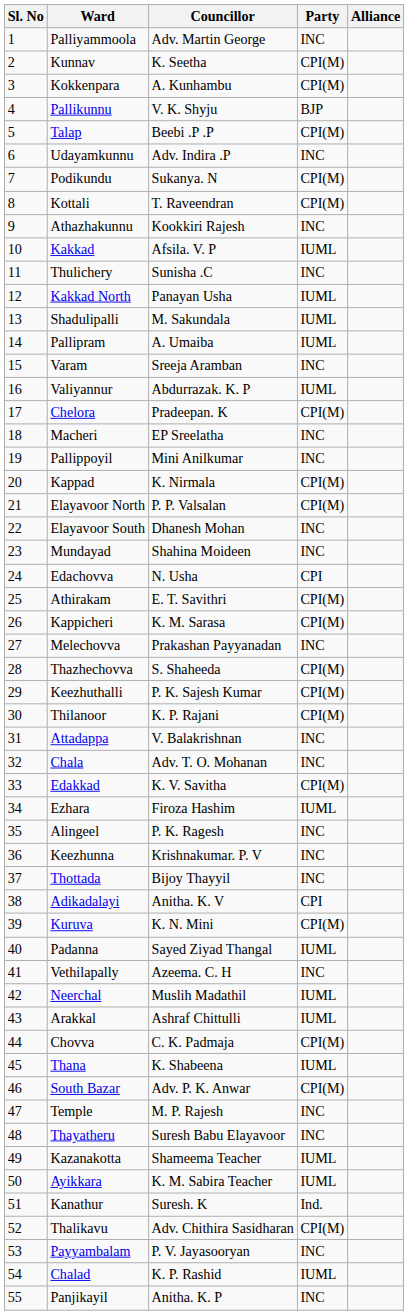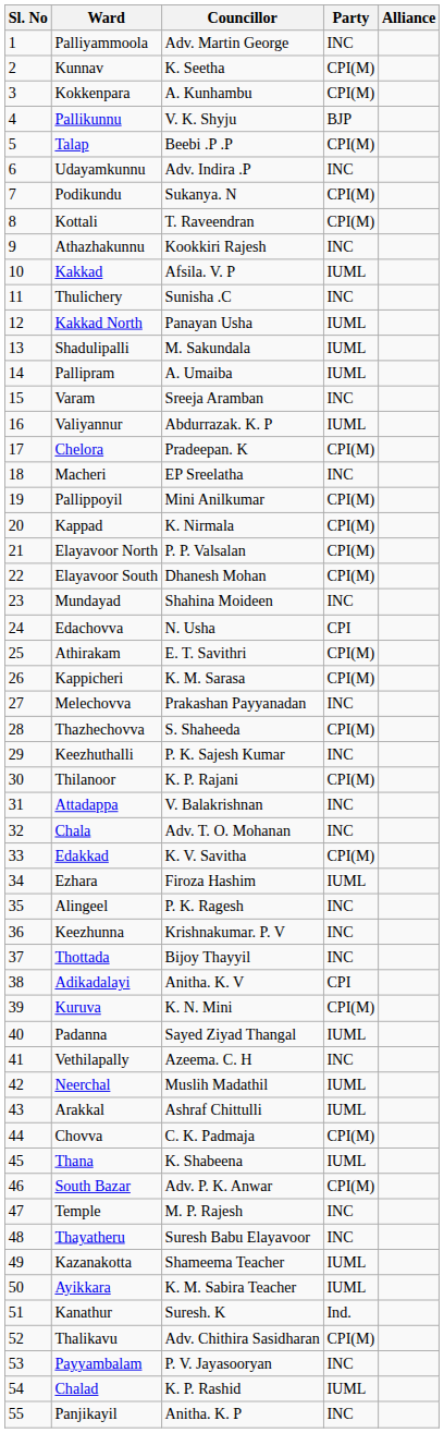 <table class="wikitable sortable" style="font-size: 95%;">
 <tr>
 <th scope="col">Sl. No</th>
 <th scope="col">Ward</th>
 <th scope="col">Councillor</th>
 <th scope="col">Party</th>
 <th scope="col">Alliance</th>
 </tr>
 <tr po>
 <td>1</td>
 <td>Palliyammoola</td>
 <td>Adv. Martin George</td>
 <td style="background-color:">INC</td>
 <td></td>
 </tr>
 <tr>
 <td>2</td>
 <td>Kunnav</td>
 <td>K. Seetha</td>
 <td style="background:">CPI(M)</td>
 <td></td>
 </tr>
 <tr>
 <td>3</td>
 <td>Kokkenpara</td>
 <td>A. Kunhambu</td>
 <td style="background:">CPI(M)</td>
 <td></td>
 </tr>
 <tr>
 <td>4</td>
 <td><a href='#'>Pallikunnu</a></td>
 <td>V. K. Shyju</td>
 <td style="background:">BJP</td>
 <td></td>
 </tr>
 <tr>
 <td>5</td>
 <td><a href='#'>Talap</a></td>
 <td>Beebi .P .P</td>
 <td style="background:">CPI(M)</td>
 <td></td>
 </tr>
 <tr>
 <td>6</td>
 <td>Udayamkunnu</td>
 <td>Adv. Indira .P</td>
 <td style="background-color:">INC</td>
 <td></td>
 </tr>
 <tr>
 <td>7</td>
 <td>Podikundu</td>
 <td>Sukanya. N</td>
 <td style="background:">CPI(M)</td>
 <td></td>
 </tr>
 <tr>
 <td>8</td>
 <td>Kottali</td>
 <td>T. Raveendran</td>
 <td style="background:">CPI(M)</td>
 <td></td>
 </tr>
 <tr>
 <td>9</td>
 <td>Athazhakunnu</td>
 <td>Kookkiri Rajesh</td>
 <td style="background-color:">INC</td>
 <td></td>
 </tr>
 <tr>
 <td>10</td>
 <td><a href='#'>Kakkad</a></td>
 <td>Afsila. V. P</td>
 <td style="background-color:">IUML</td>
 <td></td>
 </tr>
 <tr>
 <td>11</td>
 <td>Thulichery</td>
 <td>Sunisha .C</td>
 <td style="background-color:">INC</td>
 <td></td>
 </tr>
 <tr>
 <td>12</td>
 <td><a href='#'>Kakkad North</a></td>
 <td>Panayan Usha</td>
 <td style="background-color:">IUML</td>
 <td></td>
 </tr>
 <tr>
 <td>13</td>
 <td>Shadulipalli</td>
 <td>M. Sakundala</td>
 <td style="background-color:">IUML</td>
 <td></td>
 </tr>
 <tr>
 <td>14</td>
 <td>Pallipram</td>
 <td>A. Umaiba</td>
 <td style="background-color:">IUML</td>
 <td></td>
 </tr>
 <tr>
 <td>15</td>
 <td>Varam</td>
 <td>Sreeja Aramban</td>
 <td style="background-color:">INC</td>
 <td></td>
 </tr>
 <tr>
 <td>16</td>
 <td>Valiyannur</td>
 <td>Abdurrazak. K. P</td>
 <td style="background-color:">IUML</td>
 <td></td>
 </tr>
 <tr>
 <td>17</td>
 <td><a href='#'>Chelora</a></td>
 <td>Pradeepan. K</td>
 <td style="background:">CPI(M)</td>
 <td></td>
 </tr>
 <tr>
 <td>18</td>
 <td>Macheri</td>
 <td>EP Sreelatha</td>
 <td style="background-color:">INC</td>
 <td></td>
 </tr>
 <tr>
 <td>19</td>
 <td>Pallippoyil</td>
 <td>Mini Anilkumar</td>
-<td style="background-color:">INC</td>
+<td style="background:">CPI(M)</td>
 <td></td>
 </tr>
 <tr>
 <td>20</td>
 <td>Kappad</td>
 <td>K. Nirmala</td>
 <td style="background:">CPI(M)</td>
 <td></td>
 </tr>
 <tr>
 <td>21</td>
 <td>Elayavoor North</td>
 <td>P. P. Valsalan</td>
 <td style="background:">CPI(M)</td>
 <td></td>
 </tr>
 <tr>
 <td>22</td>
 <td>Elayavoor South</td>
 <td>Dhanesh Mohan</td>
-<td style="background-color:">INC</td>
+<td style="background:">CPI(M)</td>
 <td></td>
 </tr>
 <tr>
 <td>23</td>
 <td>Mundayad</td>
 <td>Shahina Moideen</td>
 <td style="background-color:">INC</td>
 <td></td>
 </tr>
 <tr>
 <td>24</td>
 <td>Edachovva</td>
 <td>N. Usha</td>
 <td style="background:">CPI</td>
 <td></td>
 </tr>
 <tr>
 <td>25</td>
 <td>Athirakam</td>
 <td>E. T. Savithri</td>
 <td style="background:">CPI(M)</td>
 <td></td>
 </tr>
 <tr>
 <td>26</td>
 <td>Kappicheri</td>
 <td>K. M. Sarasa</td>
 <td style="background:">CPI(M)</td>
 <td></td>
 </tr>
 <tr>
 <td>27</td>
 <td>Melechovva</td>
 <td>Prakashan Payyanadan</td>
 <td style="background-color:">INC</td>
 <td></td>
 </tr>
 <tr>
 <td>28</td>
 <td>Thazhechovva</td>
 <td>S. Shaheeda</td>
 <td style="background:">CPI(M)</td>
 <td></td>
 </tr>
 <tr>
 <td>29</td>
 <td>Keezhuthalli</td>
 <td>P. K. Sajesh Kumar</td>
-<td style="background:">CPI(M)</td>
+<td style="background-color:">INC</td>
 <td></td>
 </tr>
 <tr>
 <td>30</td>
 <td>Thilanoor</td>
 <td>K. P. Rajani</td>
 <td style="background:">CPI(M)</td>
 <td></td>
 </tr>
 <tr>
 <td>31</td>
 <td><a href='#'>Attadappa</a></td>
 <td>V. Balakrishnan</td>
 <td style="background-color:">INC</td>
 <td></td>
 </tr>
 <tr>
 <td>32</td>
 <td><a href='#'>Chala</a></td>
 <td>Adv. T. O. Mohanan</td>
 <td style="background-color:">INC</td>
 <td></td>
 </tr>
 <tr>
 <td>33</td>
 <td><a href='#'>Edakkad</a></td>
 <td>K. V. Savitha</td>
 <td style="background:">CPI(M)</td>
 <td></td>
 </tr>
 <tr>
 <td>34</td>
 <td>Ezhara</td>
 <td>Firoza Hashim</td>
 <td style="background-color:">IUML</td>
 <td></td>
 </tr>
 <tr>
 <td>35</td>
 <td>Alingeel</td>
 <td>P. K. Ragesh</td>
 <td style="background-color:">INC</td>
 <td></td>
 </tr>
 <tr>
 <td>36</td>
 <td>Keezhunna</td>
 <td>Krishnakumar. P. V</td>
 <td style="background-color:">INC</td>
 <td></td>
 </tr>
 <tr>
 <td>37</td>
 <td><a href='#'>Thottada</a></td>
 <td>Bijoy Thayyil</td>
 <td style="background-color:">INC</td>
 <td></td>
 </tr>
 <tr>
 <td>38</td>
 <td><a href='#'>Adikadalayi</a></td>
 <td>Anitha. K. V</td>
 <td style="background:">CPI</td>
 <td></td>
 </tr>
 <tr>
 <td>39</td>
 <td><a href='#'>Kuruva</a></td>
 <td>K. N. Mini</td>
 <td style="background:">CPI(M)</td>
 <td></td>
 </tr>
 <tr>
 <td>40</td>
 <td>Padanna</td>
 <td>Sayed Ziyad Thangal</td>
 <td style="background-color:">IUML</td>
 <td></td>
 </tr>
 <tr>
 <td>41</td>
 <td>Vethilapally</td>
 <td>Azeema. C. H</td>
 <td style="background-color:">INC</td>
 <td></td>
 </tr>
 <tr>
 <td>42</td>
 <td><a href='#'>Neerchal</a></td>
 <td>Muslih Madathil</td>
 <td style="background-color:">IUML</td>
 <td></td>
 </tr>
 <tr>
 <td>43</td>
 <td>Arakkal</td>
 <td>Ashraf Chittulli</td>
 <td style="background-color:">IUML</td>
 <td></td>
 </tr>
 <tr>
 <td>44</td>
 <td>Chovva</td>
 <td>C. K. Padmaja</td>
 <td style="background:">CPI(M)</td>
 <td></td>
 </tr>
 <tr>
 <td>45</td>
 <td><a href='#'>Thana</a></td>
 <td>K. Shabeena</td>
 <td style="background-color:">IUML</td>
 <td></td>
 </tr>
 <tr>
 <td>46</td>
 <td><a href='#'>South Bazar</a></td>
 <td>Adv. P. K. Anwar</td>
 <td style="background:">CPI(M)</td>
 <td></td>
 </tr>
 <tr>
 <td>47</td>
 <td>Temple</td>
 <td>M. P. Rajesh</td>
 <td style="background-color:">INC</td>
 <td></td>
 </tr>
 <tr>
 <td>48</td>
 <td><a href='#'>Thayatheru</a></td>
 <td>Suresh Babu Elayavoor</td>
 <td style="background-color:">INC</td>
 <td></td>
 </tr>
 <tr>
 <td>49</td>
 <td>Kazanakotta</td>
 <td>Shameema Teacher</td>
 <td style="background-color:">IUML</td>
 <td></td>
 </tr>
 <tr>
 <td>50</td>
 <td><a href='#'>Ayikkara</a></td>
 <td>K. M. Sabira Teacher</td>
 <td style="background-color:">IUML</td>
 <td></td>
 </tr>
 <tr>
 <td>51</td>
 <td>Kanathur</td>
 <td>Suresh. K</td>
 <td style="background:">Ind.</td>
 <td></td>
 </tr>
 <tr>
 <td>52</td>
 <td>Thalikavu</td>
 <td>Adv. Chithira Sasidharan</td>
 <td style="background:">CPI(M)</td>
 <td></td>
 </tr>
 <tr>
 <td>53</td>
 <td><a href='#'>Payyambalam</a></td>
 <td>P. V. Jayasooryan</td>
 <td style="background-color:">INC</td>
 <td></td>
 </tr>
 <tr>
 <td>54</td>
 <td><a href='#'>Chalad</a></td>
 <td>K. P. Rashid</td>
 <td style="background-color:">IUML</td>
 <td></td>
 </tr>
 <tr>
 <td>55</td>
 <td>Panjikayil</td>
 <td>Anitha. K. P</td>
 <td style="background-color:">INC</td>
 <td></td>
 </tr>
 </table>
